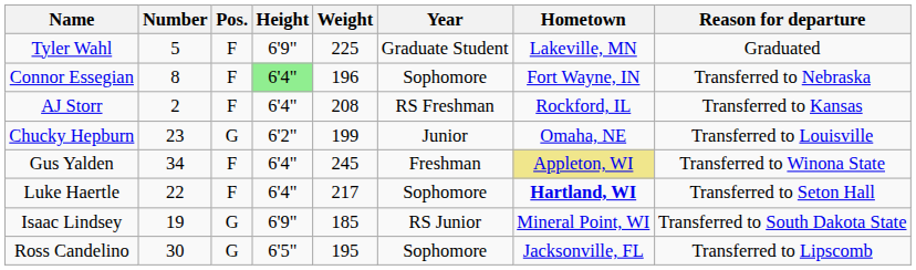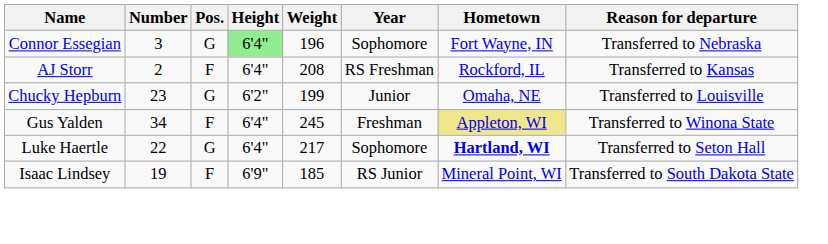 <table class="wikitable sortable sortable" style="text-align: center">
 <tr align=center>
 <th>Name</th>
 <th>Number</th>
 <th>Pos.</th>
 <th>Height</th>
 <th>Weight</th>
 <th>Year</th>
 <th>Hometown</th>
 <th>Reason for departure</th>
 </tr>
 <tr>
-<td><a href='#'>Tyler Wahl</a></td>
-<td>5</td>
-<td>F</td>
-<td>6'9"</td>
-<td>225</td>
-<td>Graduate Student</td>
-<td><a href='#'>Lakeville, MN</a></td>
-<td>Graduated</td>
-</tr>
-<tr>
 <td><a href='#'>Connor Essegian</a></td>
-<td>8</td>
-<td>F</td>
+<td>3</td>
+<td>G</td>
 <td style="background: lightgreen;">6'4"</td>
 <td>196</td>
 <td>Sophomore</td>
 <td><a href='#'>Fort Wayne, IN</a></td>
 <td>Transferred to <a href='#'>Nebraska</a></td>
 </tr>
 <tr>
 <td><a href='#'>AJ Storr</a></td>
 <td>2</td>
 <td>F</td>
 <td>6'4"</td>
 <td>208</td>
 <td>RS Freshman</td>
 <td><a href='#'>Rockford, IL</a></td>
 <td>Transferred to <a href='#'>Kansas</a></td>
 </tr>
 <tr>
 <td><a href='#'>Chucky Hepburn</a></td>
 <td>23</td>
 <td>G</td>
 <td>6'2"</td>
 <td>199</td>
 <td>Junior</td>
 <td><a href='#'>Omaha, NE</a></td>
 <td>Transferred to <a href='#'>Louisville</a></td>
 </tr>
 <tr>
 <td>Gus Yalden</td>
 <td>34</td>
 <td>F</td>
 <td>6'4"</td>
 <td>245</td>
 <td>Freshman</td>
 <td style="background: khaki;"><a href='#'>Appleton, WI</a></td>
 <td>Transferred to <a href='#'>Winona State</a></td>
 </tr>
 <tr>
 <td>Luke Haertle</td>
 <td>22</td>
-<td>F</td>
+<td>G</td>
 <td>6'4"</td>
 <td>217</td>
 <td>Sophomore</td>
 <td><strong><a href='#'>Hartland, WI</a></strong></td>
 <td>Transferred to <a href='#'>Seton Hall</a></td>
 </tr>
 <tr>
 <td>Isaac Lindsey</td>
 <td>19</td>
-<td>G</td>
+<td>F</td>
 <td>6'9"</td>
 <td>185</td>
 <td>RS Junior</td>
 <td><a href='#'>Mineral Point, WI</a></td>
 <td>Transferred to <a href='#'>South Dakota State</a></td>
 </tr>
-<tr>
-<td>Ross Candelino</td>
-<td>30</td>
-<td>G</td>
-<td>6'5"</td>
-<td>195</td>
-<td>Sophomore</td>
-<td><a href='#'>Jacksonville, FL</a></td>
-<td>Transferred to <a href='#'>Lipscomb</a></td>
-</tr>
 </table>
